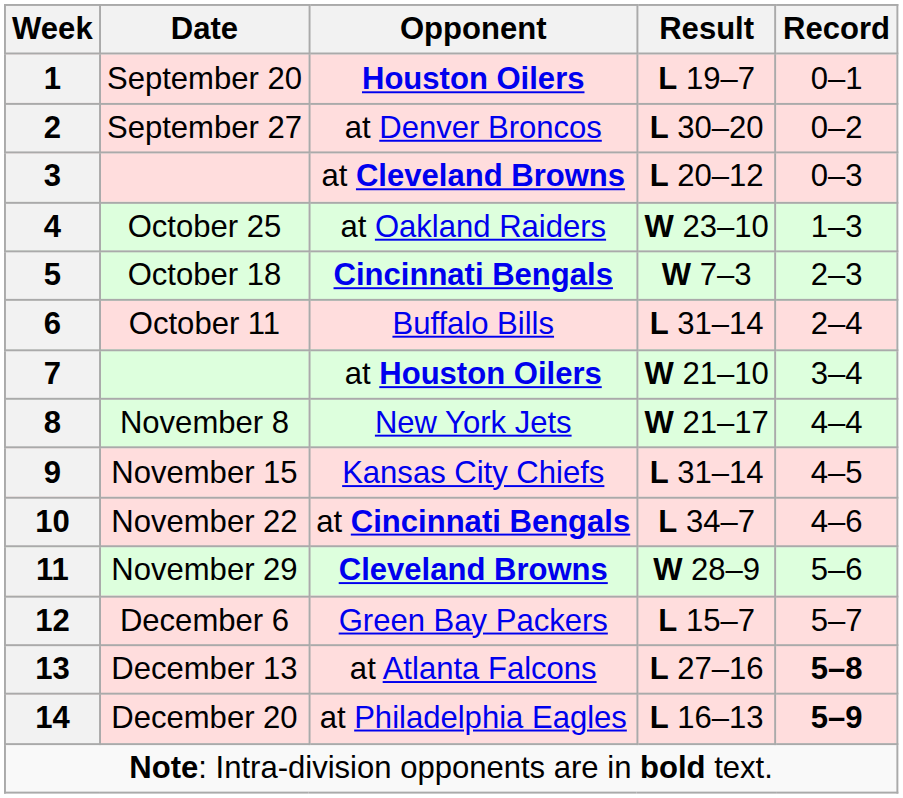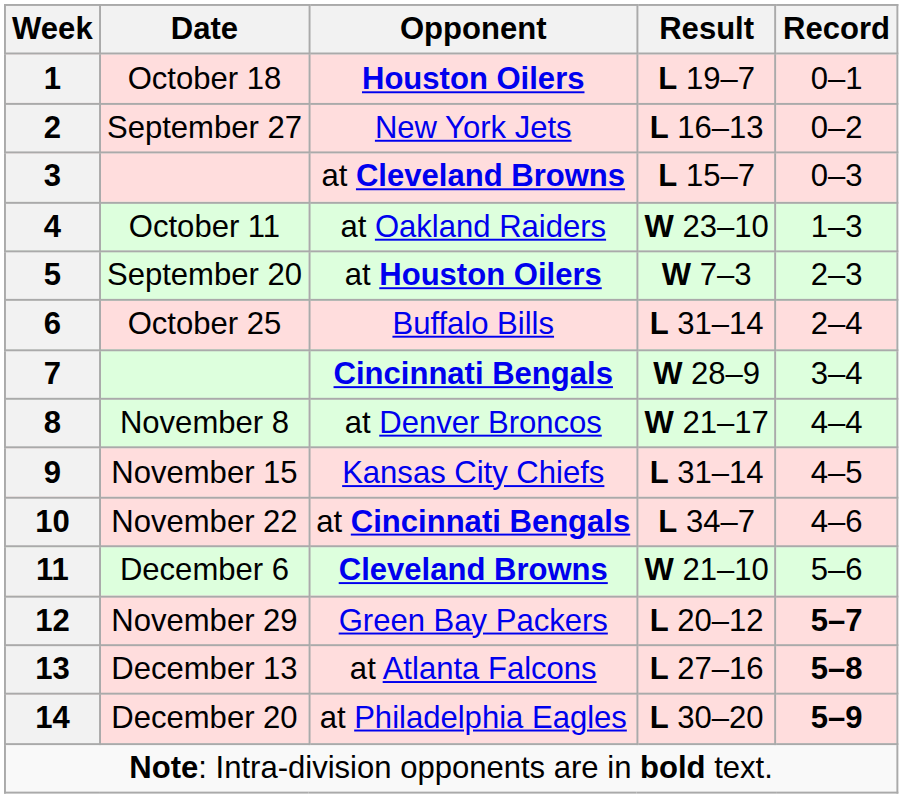 <table class="wikitable" style="text-align:center">
 <tr>
 <th>Week</th>
 <th>Date</th>
 <th>Opponent</th>
 <th>Result</th>
 <th>Record</th>
 </tr>
 <tr style="background: #ffdddd;">
 <th>1</th>
-<td>September 20</td>
+<td>October 18</td>
 <td><strong><a href='#'>Houston Oilers</a></strong></td>
 <td><strong>L</strong> 19–7</td>
 <td>0–1</td>
 </tr>
 <tr style="background: #ffdddd;">
 <th>2</th>
 <td>September 27</td>
-<td>at <a href='#'>Denver Broncos</a></td>
-<td><strong>L</strong> 30–20</td>
+<td><a href='#'>New York Jets</a></td>
+<td><strong>L</strong> 16–13</td>
 <td>0–2</td>
 </tr>
 <tr style="background: #ffdddd;">
 <th>3</th>
 <td></td>
 <td>at <strong><a href='#'>Cleveland Browns</a></strong></td>
-<td><strong>L</strong> 20–12</td>
+<td><strong>L</strong> 15–7</td>
 <td>0–3</td>
 </tr>
 <tr style="background: #ddffdd;">
 <th>4</th>
-<td>October 25</td>
+<td>October 11</td>
 <td>at <a href='#'>Oakland Raiders</a></td>
 <td><strong>W</strong> 23–10</td>
 <td>1–3</td>
 </tr>
 <tr style="background: #ddffdd;">
 <th>5</th>
-<td>October 18</td>
-<td><strong><a href='#'>Cincinnati Bengals</a></strong></td>
+<td>September 20</td>
+<td>at <strong><a href='#'>Houston Oilers</a></strong></td>
 <td><strong>W</strong> 7–3</td>
 <td>2–3</td>
 </tr>
 <tr style="background: #ffdddd;">
 <th>6</th>
-<td>October 11</td>
+<td>October 25</td>
 <td><a href='#'>Buffalo Bills</a></td>
 <td><strong>L</strong> 31–14</td>
 <td>2–4</td>
 </tr>
 <tr style="background: #ddffdd;">
 <th>7</th>
 <td></td>
-<td>at <strong><a href='#'>Houston Oilers</a></strong></td>
-<td><strong>W</strong> 21–10</td>
+<td><strong><a href='#'>Cincinnati Bengals</a></strong></td>
+<td><strong>W</strong> 28–9</td>
 <td>3–4</td>
 </tr>
 <tr style="background: #ddffdd;">
 <th>8</th>
 <td>November 8</td>
-<td><a href='#'>New York Jets</a></td>
+<td>at <a href='#'>Denver Broncos</a></td>
 <td><strong>W</strong> 21–17</td>
 <td>4–4</td>
 </tr>
 <tr style="background: #ffdddd;">
 <th>9</th>
 <td>November 15</td>
 <td><a href='#'>Kansas City Chiefs</a></td>
 <td><strong>L</strong> 31–14</td>
 <td>4–5</td>
 </tr>
 <tr style="background: #ffdddd;">
 <th>10</th>
 <td>November 22</td>
 <td>at <strong><a href='#'>Cincinnati Bengals</a></strong></td>
 <td><strong>L</strong> 34–7</td>
 <td>4–6</td>
 </tr>
 <tr style="background: #ddffdd;">
 <th>11</th>
-<td>November 29</td>
+<td>December 6</td>
 <td><strong><a href='#'>Cleveland Browns</a></strong></td>
-<td><strong>W</strong> 28–9</td>
+<td><strong>W</strong> 21–10</td>
 <td>5–6</td>
 </tr>
 <tr style="background: #ffdddd;">
 <th>12</th>
-<td>December 6</td>
+<td>November 29</td>
 <td><a href='#'>Green Bay Packers</a></td>
-<td><strong>L</strong> 15–7</td>
-<td>5–7</td>
+<td><strong>L</strong> 20–12</td>
+<td><strong>5–7</strong></td>
 </tr>
 <tr style="background: #ffdddd;">
 <th>13</th>
 <td>December 13</td>
 <td>at <a href='#'>Atlanta Falcons</a></td>
 <td><strong>L</strong> 27–16</td>
 <td><strong>5–8</strong></td>
 </tr>
 <tr style="background: #ffdddd;">
 <th>14</th>
 <td>December 20</td>
 <td>at <a href='#'>Philadelphia Eagles</a></td>
-<td><strong>L</strong> 16–13</td>
+<td><strong>L</strong> 30–20</td>
 <td><strong>5–9</strong></td>
 </tr>
 <tr>
 <td colspan="5"><strong>Note</strong>: Intra-division opponents are in <strong>bold</strong> text.</td>
 </tr>
 </table>
